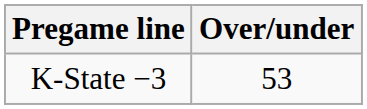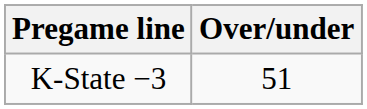 <table class="wikitable" style="margin-left: auto; margin-right: auto; border: none; display: inline-table;">
 <tr align="center">
 <th style=>Pregame line</th>
 <th style=>Over/under</th>
 </tr>
 <tr align="center">
 <td>K-State −3</td>
-<td>53</td>
+<td>51</td>
 </tr>
 </table>
